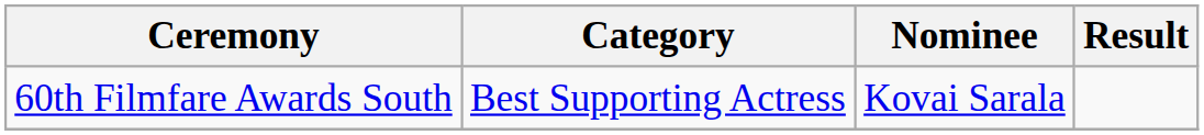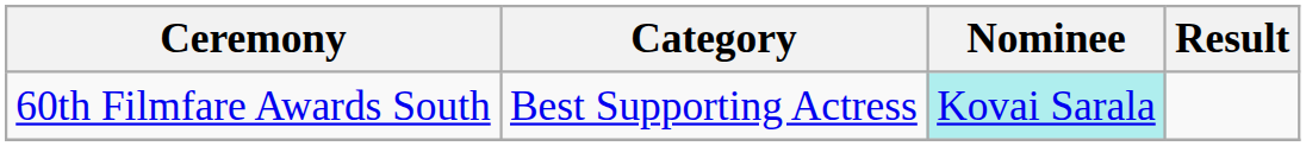 <table class="wikitable">
 <tr>
 <th>Ceremony</th>
 <th>Category</th>
 <th>Nominee</th>
 <th>Result</th>
 </tr>
 <tr>
 <td rowspan="1"><a href='#'>60th Filmfare Awards South</a></td>
 <td><a href='#'>Best Supporting Actress</a></td>
-<td><a href='#'>Kovai Sarala</a></td>
+<td style="background: paleturquoise;"><a href='#'>Kovai Sarala</a></td>
 <td></td>
 </tr>
 <tr>
 </tr>
 </table>
